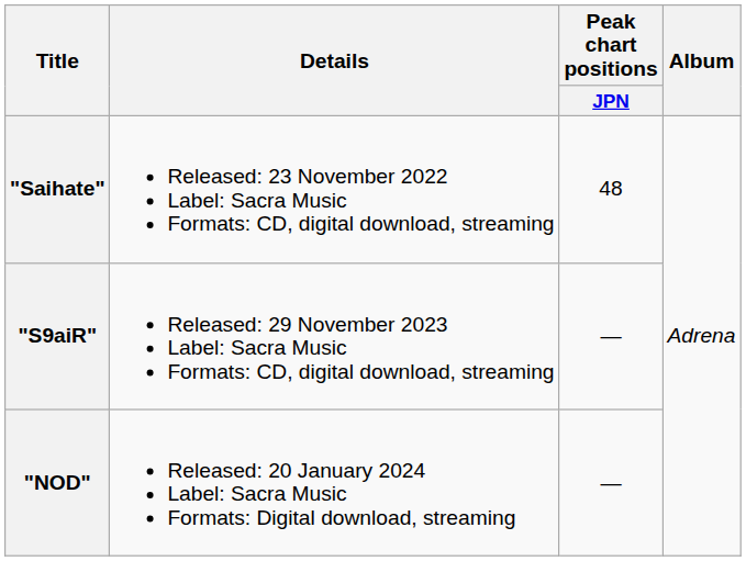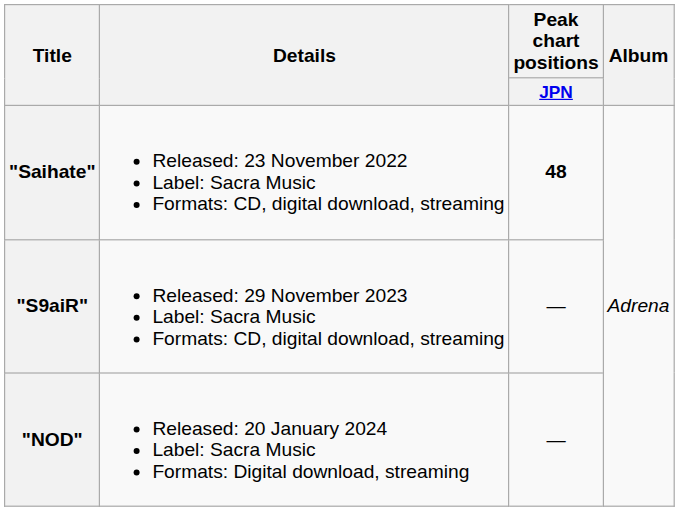 <table class="wikitable plainrowheaders">
 <tr>
 <th scope="col" rowspan="2">Title</th>
 <th scope="col" rowspan="2">Details</th>
 <th scope="col" colspan="1">Peak chart positions</th>
 <th scope="col" rowspan="2">Album</th>
 </tr>
 <tr>
 <th scope="col" style="width:3em;font-size:90%"><a href='#'>JPN</a></th>
 </tr>
 <tr>
 <th scope="row">"Saihate"</th>
 <td><br><ul><li>Released: 23 November 2022</li><li>Label: Sacra Music</li><li>Formats: CD, digital download, streaming</li></ul></td>
-<td align="center">48</td>
+<td align="center"><strong>48</strong></td>
 <td rowspan=3><em>Adrena</em></td>
 </tr>
 <tr>
 <th scope="row">"S9aiR"</th>
 <td><br><ul><li>Released: 29 November 2023</li><li>Label: Sacra Music</li><li>Formats: CD, digital download, streaming</li></ul></td>
 <td align="center">—</td>
 </tr>
 <tr>
 <th scope="row">"NOD"</th>
 <td><br><ul><li>Released: 20 January 2024</li><li>Label: Sacra Music</li><li>Formats: Digital download, streaming</li></ul></td>
 <td align="center">—</td>
 </tr>
 </table>
